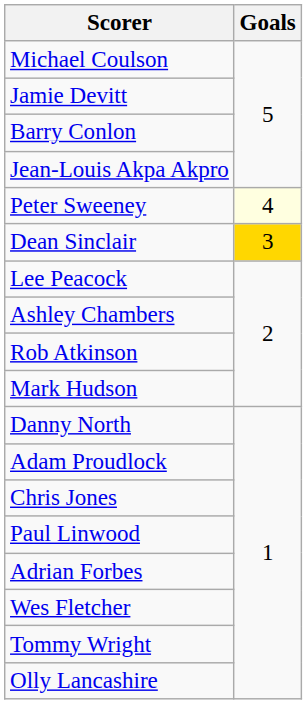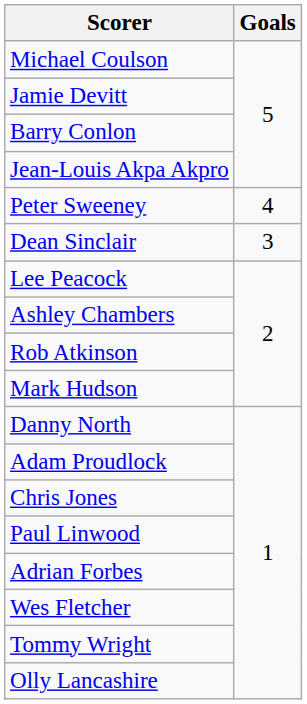 <table class="wikitable">
 <tr>
 <th>Scorer</th>
 <th>Goals</th>
 </tr>
 <tr>
 <td> <a href='#'>Michael Coulson</a></td>
 <td rowspan="4" style="text-align:center;">5</td>
 </tr>
 <tr>
 <td> <a href='#'>Jamie Devitt</a></td>
 </tr>
 <tr>
 <td> <a href='#'>Barry Conlon</a></td>
 </tr>
 <tr>
 <td> <a href='#'>Jean-Louis Akpa Akpro</a></td>
 </tr>
 <tr>
 <td> <a href='#'>Peter Sweeney</a></td>
-<td align=center style="background: lightyellow;">4</td>
+<td align=center>4</td>
 </tr>
 <tr>
 <td> <a href='#'>Dean Sinclair</a></td>
-<td style="background: gold; text-align:center;">3</td>
+<td style="text-align:center;">3</td>
 </tr>
 <tr>
 <td> <a href='#'>Lee Peacock</a></td>
 <td rowspan="4" style="text-align:center;">2</td>
 </tr>
 <tr>
 <td> <a href='#'>Ashley Chambers</a></td>
 </tr>
 <tr>
 <td> <a href='#'>Rob Atkinson</a></td>
 </tr>
 <tr>
 <td> <a href='#'>Mark Hudson</a></td>
 </tr>
 <tr>
 <td> <a href='#'>Danny North</a></td>
 <td rowspan="8" style="text-align:center;">1</td>
 </tr>
 <tr>
 <td> <a href='#'>Adam Proudlock</a></td>
 </tr>
 <tr>
 <td> <a href='#'>Chris Jones</a></td>
 </tr>
 <tr>
 <td> <a href='#'>Paul Linwood</a></td>
 </tr>
 <tr>
 <td> <a href='#'>Adrian Forbes</a></td>
 </tr>
 <tr>
 <td> <a href='#'>Wes Fletcher</a></td>
 </tr>
 <tr>
 <td> <a href='#'>Tommy Wright</a></td>
 </tr>
 <tr>
 <td> <a href='#'>Olly Lancashire</a></td>
 </tr>
 </table>
